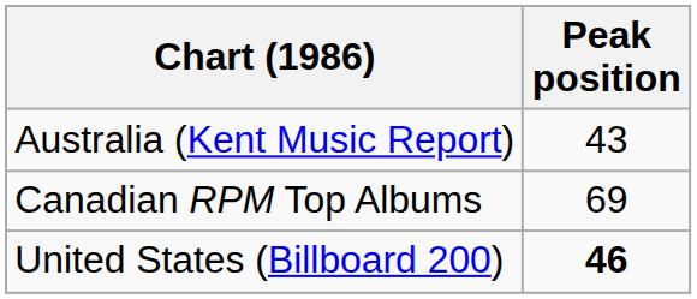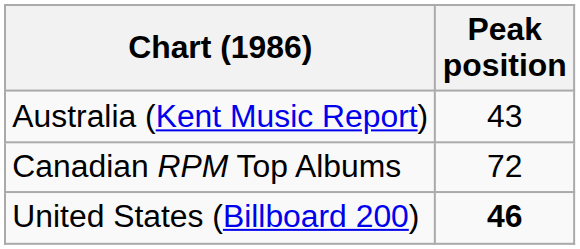 <table class="wikitable">
 <tr>
 <th scope="col">Chart (1986)</th>
 <th>Peak<br>position</th>
 </tr>
 <tr>
 <td>Australia (<a href='#'>Kent Music Report</a>)</td>
 <td style="text-align:center;">43</td>
 </tr>
 <tr>
 <td>Canadian <em>RPM</em> Top Albums</td>
-<td style="text-align:center;">69</td>
+<td style="text-align:center;">72</td>
 </tr>
 <tr>
 <td>United States (<a href='#'>Billboard 200</a>)</td>
 <td style="text-align:center;"><strong>46</strong></td>
 </tr>
 </table>
